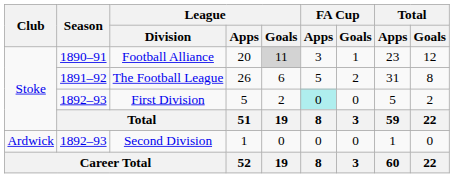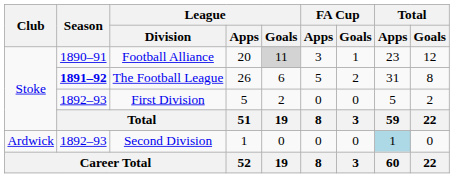 <table class="wikitable" style="text-align: center;">
 <tr>
 <th rowspan="2">Club</th>
 <th rowspan="2">Season</th>
 <th colspan="3">League</th>
 <th colspan="2">FA Cup</th>
 <th colspan="2">Total</th>
 </tr>
 <tr>
 <th>Division</th>
 <th>Apps</th>
 <th>Goals</th>
 <th>Apps</th>
 <th>Goals</th>
 <th>Apps</th>
 <th>Goals</th>
 </tr>
 <tr>
 <td rowspan="4"><a href='#'>Stoke</a></td>
 <td><a href='#'>1890–91</a></td>
 <td><a href='#'>Football Alliance</a></td>
 <td>20</td>
 <td style="background: lightgrey;">11</td>
 <td>3</td>
 <td>1</td>
 <td>23</td>
 <td>12</td>
 </tr>
 <tr>
-<td><a href='#'>1891–92</a></td>
+<td><strong><a href='#'>1891–92</a></strong></td>
 <td><a href='#'>The Football League</a></td>
 <td>26</td>
 <td>6</td>
 <td>5</td>
 <td>2</td>
 <td>31</td>
 <td>8</td>
 </tr>
 <tr>
 <td><a href='#'>1892–93</a></td>
 <td><a href='#'>First Division</a></td>
 <td>5</td>
 <td>2</td>
-<td style="background: paleturquoise;">0</td>
+<td>0</td>
 <td>0</td>
 <td>5</td>
 <td>2</td>
 </tr>
 <tr>
 <th colspan=2>Total</th>
 <th>51</th>
 <th>19</th>
 <th>8</th>
 <th>3</th>
 <th>59</th>
 <th>22</th>
 </tr>
 <tr>
 <td><a href='#'>Ardwick</a></td>
 <td><a href='#'>1892–93</a></td>
 <td><a href='#'>Second Division</a></td>
 <td>1</td>
 <td>0</td>
 <td>0</td>
 <td>0</td>
-<td>1</td>
+<td style="background: lightblue;">1</td>
 <td>0</td>
 </tr>
 <tr>
 <th colspan="3">Career Total</th>
 <th>52</th>
 <th>19</th>
 <th>8</th>
 <th>3</th>
 <th>60</th>
 <th>22</th>
 </tr>
 </table>
